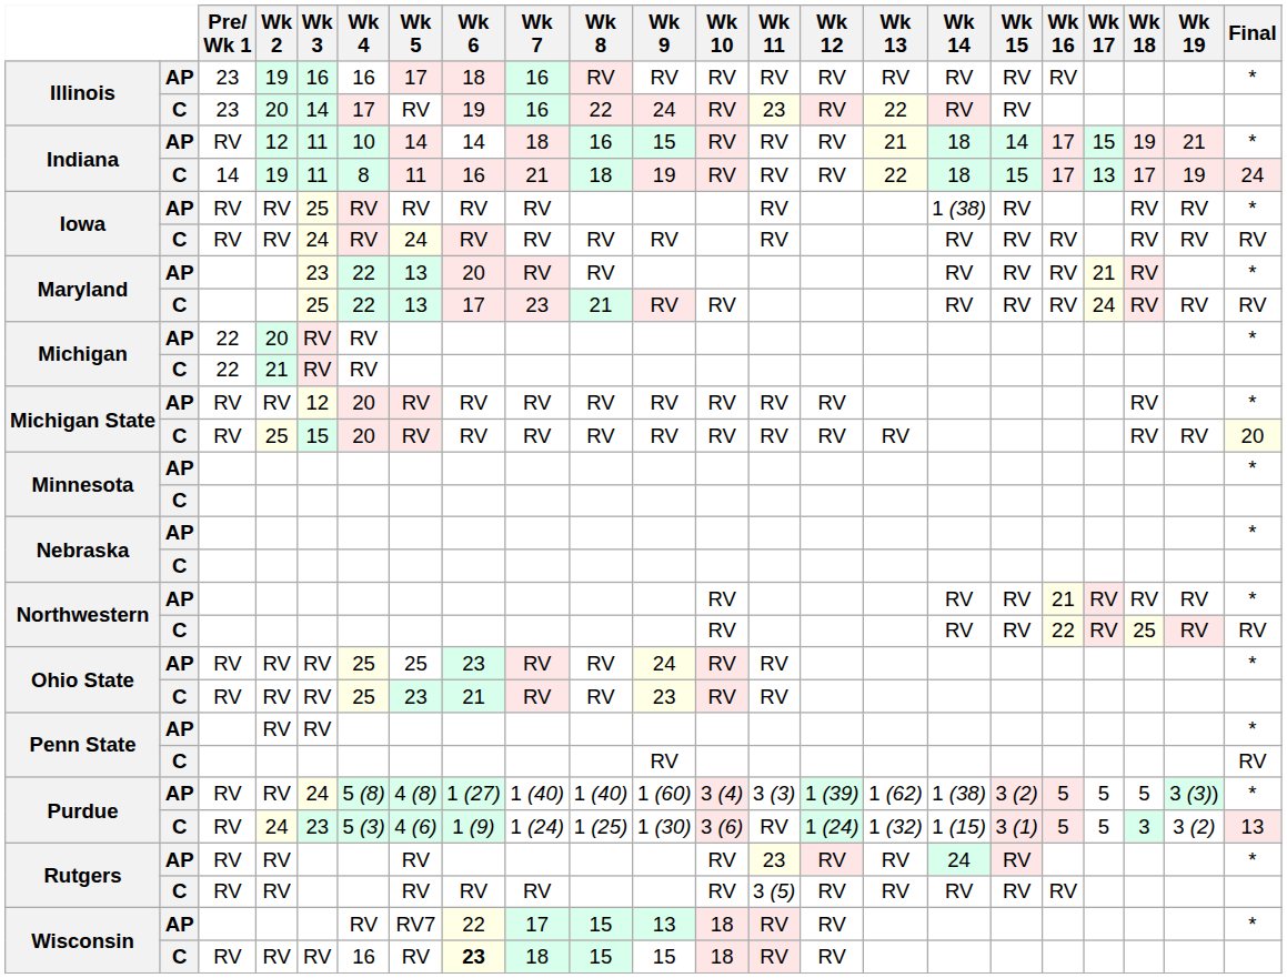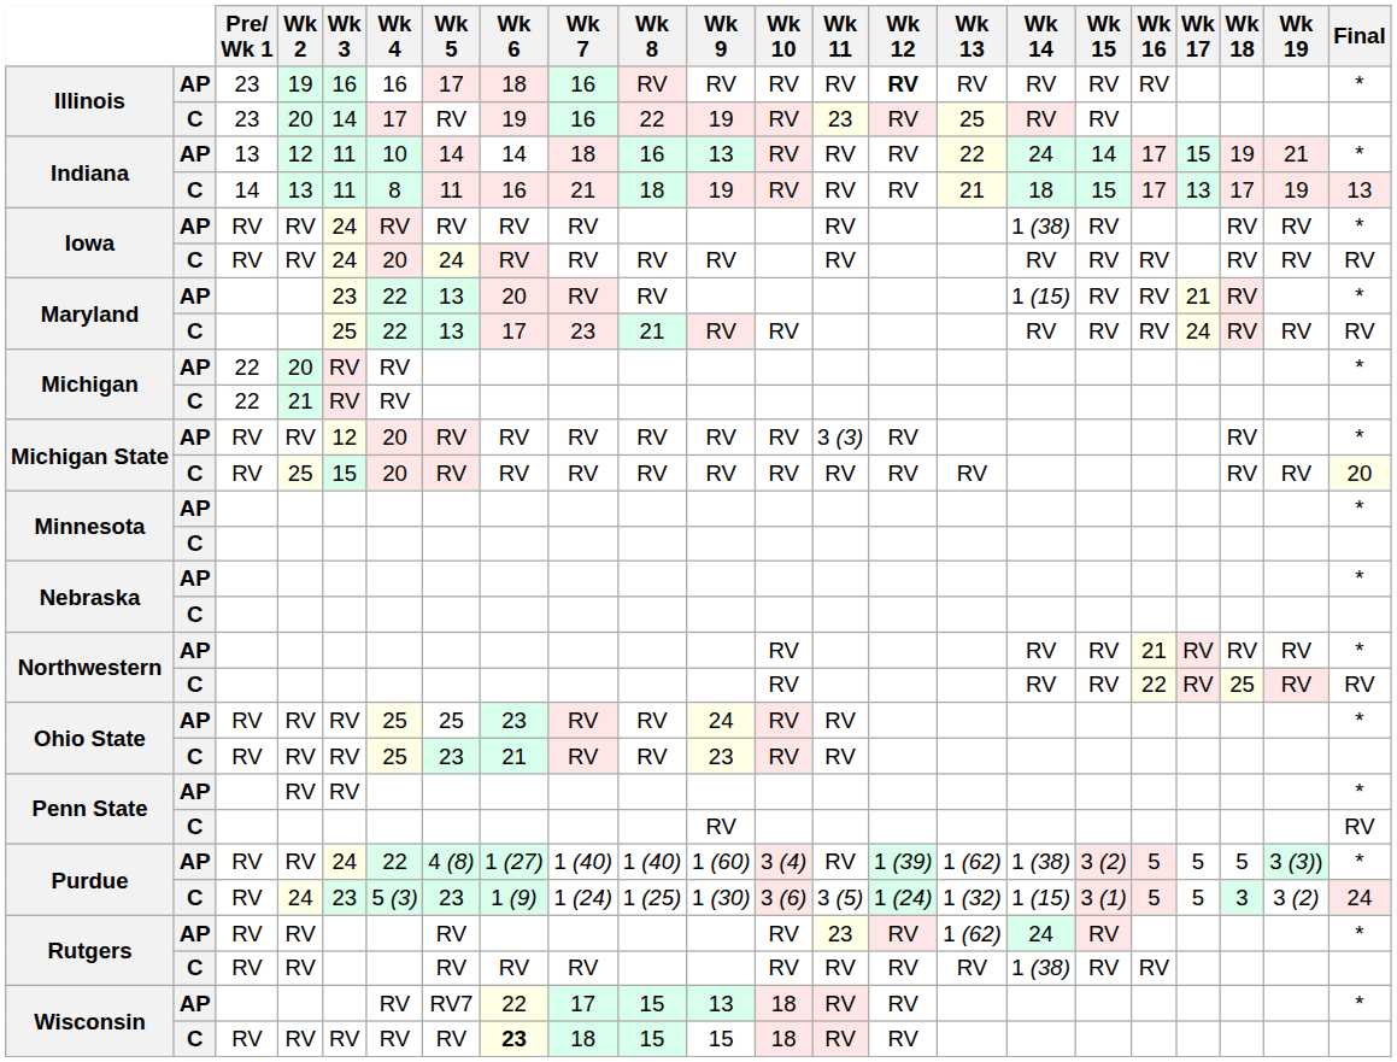 <table class="wikitable" style="white-space:nowrap;font-size:90%;text-align:center;">
 <tr>
 <th colspan=2 style="background:white; border-top-style:hidden; border-left-style:hidden;"> </th>
 <th>Pre/<br>Wk 1</th>
 <th>Wk<br>2</th>
 <th>Wk<br>3</th>
 <th>Wk<br>4</th>
 <th>Wk<br>5</th>
 <th>Wk<br>6</th>
 <th>Wk<br>7</th>
 <th>Wk<br>8</th>
 <th>Wk<br>9</th>
 <th>Wk<br>10</th>
 <th>Wk<br>11</th>
 <th>Wk<br>12</th>
 <th>Wk<br>13</th>
 <th>Wk<br>14</th>
 <th>Wk<br>15</th>
 <th>Wk<br>16</th>
 <th>Wk<br>17</th>
 <th>Wk<br>18</th>
 <th>Wk<br>19</th>
 <th>Final</th>
 </tr>
 <tr>
 <th rowspan=2 style="background:#">Illinois</th>
 <th>AP</th>
 <td style="background:#FFF;">23</td>
 <td style="background:#d8ffeb;">19</td>
 <td style="background:#d8ffeb;">16</td>
 <td style="background:#fff;">16</td>
 <td style="background:#ffe6e6;">17</td>
 <td style="background:#FFE6E6;">18</td>
 <td style="background:#d8ffeb;">16</td>
 <td style="background:#FFe6e6;">RV</td>
 <td style="background:#FFF;">RV</td>
 <td style="background:#FFF;">RV</td>
 <td style="background:#FFF;">RV</td>
-<td style="background:#FFF;">RV</td>
+<td style="background:#FFF;"><strong>RV</strong></td>
 <td style="background:#FFF;">RV</td>
 <td style="background:#FFF;">RV</td>
 <td style="background:#FFF;">RV</td>
 <td style="background:#FFF;">RV</td>
 <td style="background:#FFF;"></td>
 <td style="background:#FFF;"></td>
 <td style="background:#FFF;"></td>
 <td style="background:#FFF;">*</td>
 </tr>
 <tr>
 <th>C</th>
 <td style="background:#FFF;">23</td>
 <td style="background:#d8ffeb;">20</td>
 <td style="background:#d8ffeb;">14</td>
 <td style="background:#ffe6e6;">17</td>
 <td style="background:#FFF;">RV</td>
 <td style="background:#FFE6E6;">19</td>
 <td style="background:#d8ffeb;">16</td>
 <td style="background:#FFe6e6;">22</td>
-<td style="background:#FFE6E6;">24</td>
+<td style="background:#FFE6E6;">19</td>
 <td style="background:#FFE6E6;">RV</td>
 <td style="background:#FFFFE6;">23</td>
 <td style="background:#FFE6E6;">RV</td>
-<td style="background:#FFFFE6;">22</td>
+<td style="background:#FFFFE6;">25</td>
 <td style="background:#FFE6E6;">RV</td>
 <td style="background:#FFF;">RV</td>
 <td style="background:#FFF;"></td>
 <td style="background:#FFF;"></td>
 <td style="background:#FFF;"></td>
 <td style="background:#FFF;"></td>
 <td style="background:#FFF;"></td>
 </tr>
 <tr>
 <th rowspan=2 style=>Indiana</th>
 <th>AP</th>
-<td style="background:#FFF;">RV</td>
+<td style="background:#FFF;">13</td>
 <td style="background:#d8ffeb;">12</td>
 <td style="background:#d8ffeb;">11</td>
 <td style="background:#d8ffeb;">10</td>
 <td style="background:#FFe6e6;">14</td>
 <td style="background:#FFF;">14</td>
 <td style="background:#FFe6e6;">18</td>
 <td style="background:#d8ffeb;">16</td>
-<td style="background:#d8ffeb;">15</td>
+<td style="background:#d8ffeb;">13</td>
 <td style="background:#FFE6E6;">RV</td>
 <td style="background:#FFF;">RV</td>
 <td style="background:#FFF;">RV</td>
-<td style="background:#FFFFE6;">21</td>
-<td style="background:#d8ffeb;">18</td>
+<td style="background:#FFFFE6;">22</td>
+<td style="background:#d8ffeb;">24</td>
 <td style="background:#d8ffeb;">14</td>
 <td style="background:#FFE6E6;">17</td>
 <td style="background:#d8ffeb;">15</td>
 <td style="background:#FFE6E6;">19</td>
 <td style="background:#FFe6e6;">21</td>
 <td style="background:#FFF;">*</td>
 </tr>
 <tr>
 <th>C</th>
 <td style="background:#FFF;">14</td>
-<td style="background:#d8ffeb;">19</td>
+<td style="background:#d8ffeb;">13</td>
 <td style="background:#d8ffeb;">11</td>
 <td style="background:#d8ffeb;">8</td>
 <td style="background:#FFe6e6;">11</td>
 <td style="background:#FFE6E6;">16</td>
 <td style="background:#FFe6e6;">21</td>
 <td style="background:#d8ffeb;">18</td>
 <td style="background:#FFE6E6;">19</td>
 <td style="background:#FFE6E6;">RV</td>
 <td style="background:#FFF;">RV</td>
 <td style="background:#FFF;">RV</td>
-<td style="background:#FFFFE6;">22</td>
+<td style="background:#FFFFE6;">21</td>
 <td style="background:#d8ffeb;">18</td>
 <td style="background:#d8ffeb;">15</td>
 <td style="background:#FFE6E6;">17</td>
 <td style="background:#d8ffeb;">13</td>
 <td style="background:#FFE6E6;">17</td>
 <td style="background:#FFe6e6;">19</td>
-<td style="background:#FFe6e6;">24</td>
+<td style="background:#FFE6E6;">13</td>
 </tr>
 <tr>
 <th rowspan=2 style=>Iowa</th>
 <th>AP</th>
 <td style="background:#FFF;">RV</td>
 <td style="background:#FFF;">RV</td>
-<td style="background:#ffffe6;">25</td>
+<td style="background:#ffffe6;">24</td>
 <td style="background:#ffe6e6;">RV</td>
 <td style="background:#FFF;">RV</td>
 <td style="background:#FFF;">RV</td>
 <td style="background:#FFF;">RV</td>
 <td style="background:#FFF;"></td>
 <td style="background:#FFF;"></td>
 <td style="background:#FFF;"></td>
 <td style="background:#FFF;">RV</td>
 <td style="background:#FFF;"></td>
 <td style="background:#FFF;"></td>
 <td style="background:#FFF;">1 <em>(38)</em></td>
 <td style="background:#FFF;">RV</td>
 <td style="background:#FFF;"></td>
 <td style="background:#FFF;"></td>
 <td style="background:#FFF;">RV</td>
 <td style="background:#FFF;">RV</td>
 <td style="background:#FFF;">*</td>
 </tr>
 <tr>
 <th>C</th>
 <td style="background:#FFF;">RV</td>
 <td style="background:#FFF;">RV</td>
 <td style="background:#FFFfe6;">24</td>
-<td style="background:#ffe6e6;">RV</td>
+<td style="background:#ffe6e6;">20</td>
 <td style="background:#FFFFe6;">24</td>
 <td style="background:#ffe6e6;">RV</td>
 <td style="background:#FFF;">RV</td>
 <td style="background:#FFF;">RV</td>
 <td style="background:#FFF;">RV</td>
 <td style="background:#FFF;"></td>
 <td style="background:#FFF;">RV</td>
 <td style="background:#FFF;"></td>
 <td style="background:#FFF;"></td>
 <td style="background:#FFF;">RV</td>
 <td style="background:#FFF;">RV</td>
 <td style="background:#FFF;">RV</td>
 <td style="background:#FFF;"></td>
 <td style="background:#FFF;">RV</td>
 <td style="background:#FFF;">RV</td>
 <td style="background:#FFF;">RV</td>
 </tr>
 <tr>
 <th rowspan=2 style=>Maryland</th>
 <th>AP</th>
 <td style="background:#FFF;"></td>
 <td style="background:#FFF;"></td>
 <td style="background:#ffffe6;">23</td>
 <td style="background:#d8ffeb;">22</td>
 <td style="background:#d8ffeb;">13</td>
 <td style="background:#FFE6E6;">20</td>
 <td style="background:#FFE6E6;">RV</td>
 <td style="background:#FFF;">RV</td>
 <td style="background:#FFF;"></td>
 <td style="background:#FFF;"></td>
 <td style="background:#FFF;"></td>
 <td style="background:#FFF;"></td>
 <td style="background:#FFF;"></td>
-<td style="background:#FFF;">RV</td>
+<td style="background:#FFF;">1 <em>(15)</em></td>
 <td style="background:#FFF;">RV</td>
 <td style="background:#FFF;">RV</td>
 <td style="background:#FFFFE6;">21</td>
 <td style="background:#FFE6E6;">RV</td>
 <td style="background:#FFF;"></td>
 <td style="background:#FFF;">*</td>
 </tr>
 <tr>
 <th>C</th>
 <td style="background:#FFF;"></td>
 <td style="background:#FFF;"></td>
 <td style="background:#FFFfe6;">25</td>
 <td style="background:#d8ffeb;">22</td>
 <td style="background:#d8ffeb;">13</td>
 <td style="background:#FFE6E6;">17</td>
 <td style="background:#FFE6E6;">23</td>
 <td style="background:#d8ffeb;">21</td>
 <td style="background:#FFE6E6;">RV</td>
 <td style="background:#FFF;">RV</td>
 <td style="background:#FFF;"></td>
 <td style="background:#FFF;"></td>
 <td style="background:#FFF;"></td>
 <td style="background:#FFF;">RV</td>
 <td style="background:#FFF;">RV</td>
 <td style="background:#FFF;">RV</td>
 <td style="background:#FFFFE6;">24</td>
 <td style="background:#FFE6E6;">RV</td>
 <td style="background:#FFF;">RV</td>
 <td style="background:#FFF;">RV</td>
 </tr>
 <tr>
 <th rowspan=2 style=>Michigan</th>
 <th>AP</th>
 <td style="background:#FFF;">22</td>
 <td style="background:#d8ffeb;">20</td>
 <td style="background:#FFe6e6;">RV</td>
 <td style="background:#fff;">RV</td>
 <td style="background:#FFF;"></td>
 <td style="background:#FFF;"></td>
 <td style="background:#FFF;"></td>
 <td style="background:#FFF;"></td>
 <td style="background:#FFF;"></td>
 <td style="background:#FFF;"></td>
 <td style="background:#FFF;"></td>
 <td style="background:#FFF;"></td>
 <td style="background:#FFF;"></td>
 <td style="background:#FFF;"></td>
 <td style="background:#FFF;"></td>
 <td style="background:#FFF;"></td>
 <td style="background:#FFF;"></td>
 <td style="background:#FFF;"></td>
 <td style="background:#FFF;"></td>
 <td style="background:#FFF;">*</td>
 </tr>
 <tr>
 <th>C</th>
 <td style="background:#FFF;">22</td>
 <td style="background:#d8ffeb;">21</td>
 <td style="background:#FFE6E6;">RV</td>
 <td style="background:#fff;">RV</td>
 <td style="background:#FFF;"></td>
 <td style="background:#FFF;"></td>
 <td style="background:#FFF;"></td>
 <td style="background:#FFF;"></td>
 <td style="background:#FFF;"></td>
 <td style="background:#FFF;"></td>
 <td style="background:#FFF;"></td>
 <td style="background:#FFF;"></td>
 <td style="background:#FFF;"></td>
 <td style="background:#FFF;"></td>
 <td style="background:#FFF;"></td>
 <td style="background:#FFF;"></td>
 <td style="background:#FFF;"></td>
 <td style="background:#FFF;"></td>
 <td style="background:#FFF;"></td>
 <td style="background:#FFF;"></td>
 </tr>
 <tr>
 <th rowspan=2 style=>Michigan State</th>
 <th>AP</th>
 <td style="background:#FFF;">RV</td>
 <td style="background:#FFF;">RV</td>
 <td style="background:#ffffe6;">12</td>
 <td style="background:#ffe6e6;">20</td>
 <td style="background:#ffe6e6;">RV</td>
 <td style="background:#FFF;">RV</td>
 <td style="background:#FFF;">RV</td>
 <td style="background:#FFF;">RV</td>
 <td style="background:#FFF;">RV</td>
 <td style="background:#FFF;">RV</td>
-<td style="background:#FFF;">RV</td>
+<td style="background:#FFF;">3 <em>(3)</em></td>
 <td style="background:#FFF;">RV</td>
 <td style="background:#FFF;"></td>
 <td style="background:#FFF;"></td>
 <td style="background:#FFF;"></td>
 <td style="background:#FFF;"></td>
 <td style="background:#FFF;"></td>
 <td style="background:#FFF;">RV</td>
 <td style="background:#FFF;"></td>
 <td style="background:#FFF;">*</td>
 </tr>
 <tr>
 <th>C</th>
 <td style="background:#FFF;">RV</td>
 <td style="background:#ffffe6;">25</td>
 <td style="background:#d8ffeb;">15</td>
 <td style="background:#ffe6e6;">20</td>
 <td style="background:#ffe6e6;">RV</td>
 <td style="background:#FFF;">RV</td>
 <td style="background:#FFF;">RV</td>
 <td style="background:#FFF;">RV</td>
 <td style="background:#FFF;">RV</td>
 <td style="background:#FFF;">RV</td>
 <td style="background:#FFF;">RV</td>
 <td style="background:#FFF;">RV</td>
 <td style="background:#FFF;">RV</td>
 <td style="background:#FFF;"></td>
 <td style="background:#FFF;"></td>
 <td style="background:#FFF;"></td>
 <td style="background:#FFF;"></td>
 <td style="background:#FFF;">RV</td>
 <td style="background:#FFF;">RV</td>
 <td style="background:#FFFFE6;">20</td>
 </tr>
 <tr>
 <th rowspan=2 style=>Minnesota</th>
 <th>AP</th>
 <td style="background:#FFF;"></td>
 <td style="background:#FFF;"></td>
 <td style="background:#FFF;"></td>
 <td style="background:#fff;"></td>
 <td style="background:#FFF;"></td>
 <td style="background:#FFF;"></td>
 <td style="background:#FFF;"></td>
 <td style="background:#FFF;"></td>
 <td style="background:#FFF;"></td>
 <td style="background:#FFF;"></td>
 <td style="background:#FFF;"></td>
 <td style="background:#FFF;"></td>
 <td style="background:#FFF;"></td>
 <td style="background:#FFF;"></td>
 <td style="background:#FFF;"></td>
 <td style="background:#FFF;"></td>
 <td style="background:#FFF;"></td>
 <td style="background:#FFF;"></td>
 <td style="background:#FFF;"></td>
 <td style="background:#FFF;">*</td>
 </tr>
 <tr>
 <th>C</th>
 <td style="background:#FFF;"></td>
 <td style="background:#FFF;"></td>
 <td style="background:#FFF;"></td>
 <td style="background:#fff;"></td>
 <td style="background:#FFF;"></td>
 <td style="background:#FFF;"></td>
 <td style="background:#FFF;"></td>
 <td style="background:#FFF;"></td>
 <td style="background:#FFF;"></td>
 <td style="background:#FFF;"></td>
 <td style="background:#FFF;"></td>
 <td style="background:#FFF;"></td>
 <td style="background:#FFF;"></td>
 <td style="background:#FFF;"></td>
 <td style="background:#FFF;"></td>
 <td style="background:#FFF;"></td>
 <td style="background:#FFF;"></td>
 <td style="background:#FFF;"></td>
 <td style="background:#FFF;"></td>
 <td style="background:#FFF;"></td>
 </tr>
 <tr>
 <th rowspan=2 style=>Nebraska</th>
 <th>AP</th>
 <td style="background:#FFF;"></td>
 <td style="background:#FFF;"></td>
 <td style="background:#FFF;"></td>
 <td style="background:#FFF;"></td>
 <td style="background:#FFF;"></td>
 <td style="background:#FFF;"></td>
 <td style="background:#FFF;"></td>
 <td style="background:#FFF;"></td>
 <td style="background:#FFF;"></td>
 <td style="background:#FFF;"></td>
 <td style="background:#FFF;"></td>
 <td style="background:#FFF;"></td>
 <td style="background:#FFF;"></td>
 <td style="background:#FFF;"></td>
 <td style="background:#FFF;"></td>
 <td style="background:#FFF;"></td>
 <td style="background:#FFF;"></td>
 <td style="background:#FFF;"></td>
 <td style="background:#FFF;"></td>
 <td style="background:#FFF;">*</td>
 </tr>
 <tr>
 <th>C</th>
 <td style="background:#FFF;"></td>
 <td style="background:#FFF;"></td>
 <td style="background:#FFF;"></td>
 <td style="background:#FFF;"></td>
 <td style="background:#FFF;"></td>
 <td style="background:#FFF;"></td>
 <td style="background:#FFF;"></td>
 <td style="background:#FFF;"></td>
 <td style="background:#FFF;"></td>
 <td style="background:#FFF;"></td>
 <td style="background:#FFF;"></td>
 <td style="background:#FFF;"></td>
 <td style="background:#FFF;"></td>
 <td style="background:#FFF;"></td>
 <td style="background:#FFF;"></td>
 <td style="background:#FFF;"></td>
 <td style="background:#FFF;"></td>
 <td style="background:#FFF;"></td>
 <td style="background:#FFF;"></td>
 <td style="background:#FFF;"></td>
 </tr>
 <tr>
 <th rowspan=2 style=>Northwestern</th>
 <th>AP</th>
 <td style="background:#FFF;"></td>
 <td style="background:#FFF;"></td>
 <td style="background:#FFF;"></td>
 <td style="background:#FFF;"></td>
 <td style="background:#FFF;"></td>
 <td style="background:#FFF;"></td>
 <td style="background:#FFF;"></td>
 <td style="background:#FFF;"></td>
 <td style="background:#FFF;"></td>
 <td style="background:#FFF;">RV</td>
 <td style="background:#FFF;"></td>
 <td style="background:#FFF;"></td>
 <td style="background:#FFF;"></td>
 <td style="background:#FFF;">RV</td>
 <td style="background:#FFF;">RV</td>
 <td style="background:#ffffe6;">21</td>
 <td style="background:#ffe6e6;">RV</td>
 <td style="background:#FFF;">RV</td>
 <td style="background:#FFF;">RV</td>
 <td style="background:#FFF;">*</td>
 </tr>
 <tr>
 <th>C</th>
 <td style="background:#FFF;"></td>
 <td style="background:#FFF;"></td>
 <td style="background:#FFF;"></td>
 <td style="background:#FFF;"></td>
 <td style="background:#FFF;"></td>
 <td style="background:#FFF;"></td>
 <td style="background:#FFF;"></td>
 <td style="background:#FFF;"></td>
 <td style="background:#FFF;"></td>
 <td style="background:#FFF;">RV</td>
 <td style="background:#FFF;"></td>
 <td style="background:#FFF;"></td>
 <td style="background:#FFF;"></td>
 <td style="background:#FFF;">RV</td>
 <td style="background:#FFF;">RV</td>
 <td style="background:#ffffe6;">22</td>
 <td style="background:#ffe6e6;">RV</td>
 <td style="background:#ffffe6;">25</td>
 <td style="background:#FFE6E6;">RV</td>
 <td style="background:#FFF;">RV</td>
 </tr>
 <tr>
 <th rowspan=2 style=>Ohio State</th>
 <th>AP</th>
 <td style="background:#FFF;">RV</td>
 <td style="background:#FFF;">RV</td>
 <td style="background:#fff;">RV</td>
 <td style="background:#ffffe6;">25</td>
 <td style="background:#FFF;">25</td>
 <td style="background:#d8ffeb;">23</td>
 <td style="background:#FFE6E6;">RV</td>
 <td style="background:#FFF;">RV</td>
 <td style="background:#ffffe6;">24</td>
 <td style="background:#FFE6E6;">RV</td>
 <td style="background:#FFF;">RV</td>
 <td style="background:#FFF;"></td>
 <td style="background:#FFF;"></td>
 <td style="background:#FFF;"></td>
 <td style="background:#FFF;"></td>
 <td style="background:#FFF;"></td>
 <td style="background:#FFF;"></td>
 <td style="background:#FFF;"></td>
 <td style="background:#FFF;"></td>
 <td style="background:#FFF;">*</td>
 </tr>
 <tr>
 <th>C</th>
 <td style="background:#FFF;">RV</td>
 <td style="background:#FFF;">RV</td>
 <td style="background:#FFF;">RV</td>
 <td style="background:#ffffe6;">25</td>
 <td style="background:#d8ffeb;">23</td>
 <td style="background:#d8ffeb;">21</td>
 <td style="background:#FFE6E6;">RV</td>
 <td style="background:#FFF;">RV</td>
 <td style="background:#ffffe6;">23</td>
 <td style="background:#FFE6E6;">RV</td>
 <td style="background:#FFF;">RV</td>
 <td style="background:#FFF;"></td>
 <td style="background:#FFF;"></td>
 <td style="background:#FFF;"></td>
 <td style="background:#FFF;"></td>
 <td style="background:#FFF;"></td>
 <td style="background:#FFF;"></td>
 <td style="background:#FFF;"></td>
 <td style="background:#FFF;"></td>
 <td style="background:#FFF;"></td>
 </tr>
 <tr>
 <th rowspan=2 style=>Penn State</th>
 <th>AP</th>
 <td style="background:#FFF;"></td>
 <td style="background:#FFF;">RV</td>
 <td style="background:#FFF;">RV</td>
 <td style="background:#FFF;"></td>
 <td style="background:#FFF;"></td>
 <td style="background:#FFF;"></td>
 <td style="background:#FFF;"></td>
 <td style="background:#FFF;"></td>
 <td style="background:#FFF;"></td>
 <td style="background:#FFF;"></td>
 <td style="background:#FFF;"></td>
 <td style="background:#FFF;"></td>
 <td style="background:#FFF;"></td>
 <td style="background:#FFF;"></td>
 <td style="background:#FFF;"></td>
 <td style="background:#FFF;"></td>
 <td style="background:#FFF;"></td>
 <td style="background:#FFF;"></td>
 <td style="background:#FFF;"></td>
 <td style="background:#FFF;">*</td>
 </tr>
 <tr>
 <th>C</th>
 <td style="background:#FFF;"></td>
 <td style="background:#FFF;"></td>
 <td style="background:#FFF;"></td>
 <td style="background:#fff;"></td>
 <td style="background:#FFF;"></td>
 <td style="background:#FFF;"></td>
 <td style="background:#FFF;"></td>
 <td style="background:#FFF;"></td>
 <td style="background:#FFF;">RV</td>
 <td style="background:#FFF;"></td>
 <td style="background:#FFF;"></td>
 <td style="background:#FFF;"></td>
 <td style="background:#FFF;"></td>
 <td style="background:#FFF;"></td>
 <td style="background:#FFF;"></td>
 <td style="background:#FFF;"></td>
 <td style="background:#FFF;"></td>
 <td style="background:#FFF;"></td>
 <td style="background:#FFF;"></td>
 <td style="background:#FFF;">RV</td>
 </tr>
 <tr>
 <th rowspan=2 style=>Purdue</th>
 <th>AP</th>
 <td style="background:#FFF;">RV</td>
 <td style="background:#FFF;">RV</td>
 <td style="background:#ffffe6;">24</td>
-<td style="background:#d8ffeb;">5 <em>(8)</em></td>
+<td style="background:#d8ffeb;">22</td>
 <td style="background:#d8ffeb;">4 <em>(8)</em></td>
 <td style="background:#d8ffeb;">1 <em>(27)</em></td>
 <td style="background:#FFF;">1 <em>(40)</em></td>
 <td style="background:#FFF;">1 <em>(40)</em></td>
 <td style="background:#FFF;">1 <em>(60)</em></td>
 <td style="background:#FFE6E6;">3 <em>(4)</em></td>
-<td style="background:#FFF;">3 <em>(3)</em></td>
+<td style="background:#FFF;">RV</td>
 <td style="background:#d8ffeb;">1 <em>(39)</em></td>
 <td style="background:#FFF;">1 <em>(62)</em></td>
 <td style="background:#FFF;">1 <em>(38)</em></td>
 <td style="background:#FFE6E6;">3 <em>(2)</em></td>
 <td style="background:#FFE6E6;">5</td>
 <td style="background:#FFF;">5</td>
 <td style="background:#FFF;">5</td>
 <td style="background:#d8ffeb;">3 <em>(3)</em>)</td>
 <td style="background:#FFF;">*</td>
 </tr>
 <tr>
 <th>C</th>
 <td style="background:#FFF;">RV</td>
 <td style="background:#ffffe6;">24</td>
 <td style="background:#d8ffeb;">23</td>
 <td style="background:#d8ffeb;">5 <em>(3)</em></td>
-<td style="background:#d8ffeb;">4 <em>(6)</em></td>
+<td style="background:#d8ffeb;">23</td>
 <td style="background:#d8ffeb;">1 <em>(9)</em></td>
 <td style="background:#FFF;">1 <em>(24)</em></td>
 <td style="background:#FFF;">1 <em>(25)</em></td>
 <td style="background:#FFF;">1 <em>(30)</em></td>
 <td style="background:#FFE6E6;">3 <em>(6)</em></td>
-<td style="background:#FFF;">RV</td>
+<td style="background:#FFF;">3 <em>(5)</em></td>
 <td style="background:#d8ffeb;">1 <em>(24)</em></td>
 <td style="background:#FFF;">1 <em>(32)</em></td>
 <td style="background:#FFF;">1 <em>(15)</em></td>
 <td style="background:#FFE6E6;">3 <em>(1)</em></td>
 <td style="background:#FFE6E6;">5</td>
 <td style="background:#FFF;">5</td>
 <td style="background:#d8ffeb;">3</td>
 <td style="background:#FFF;">3 <em>(2)</em></td>
-<td style="background:#FFE6E6;">13</td>
+<td style="background:#FFe6e6;">24</td>
 </tr>
 <tr>
 <th rowspan=2 style=>Rutgers</th>
 <th>AP</th>
 <td style="background:#FFF;">RV</td>
 <td style="background:#FFF;">RV</td>
 <td style="background:#FFF;"></td>
 <td style="background:#fff;"></td>
 <td style="background:#FFF;">RV</td>
 <td style="background:#FFF;"></td>
 <td style="background:#FFF;"></td>
 <td style="background:#FFF;"></td>
 <td style="background:#FFF;"></td>
 <td style="background:#FFF;">RV</td>
 <td style="background:#ffffe6;">23</td>
 <td style="background:#FFE6E6;">RV</td>
-<td style="background:#FFF;">RV</td>
+<td style="background:#FFF;">1 <em>(62)</em></td>
 <td style="background:#d8ffeb;">24</td>
 <td style="background:#FFE6E6;">RV</td>
 <td style="background:#FFF;"></td>
 <td style="background:#FFF;"></td>
 <td style="background:#FFF;"></td>
 <td style="background:#FFF;"></td>
 <td style="background:#FFF;">*</td>
 </tr>
 <tr>
 <th>C</th>
 <td style="background:#FFF;">RV</td>
 <td style="background:#FFF;">RV</td>
 <td style="background:#FFF;"></td>
 <td style="background:#fff;"></td>
 <td style="background:#FFF;">RV</td>
 <td style="background:#FFF;">RV</td>
 <td style="background:#FFF;">RV</td>
 <td style="background:#FFF;"></td>
 <td style="background:#FFF;"></td>
 <td style="background:#FFF;">RV</td>
-<td style="background:#FFF;">3 <em>(5)</em></td>
 <td style="background:#FFF;">RV</td>
 <td style="background:#FFF;">RV</td>
 <td style="background:#FFF;">RV</td>
+<td style="background:#FFF;">1 <em>(38)</em></td>
 <td style="background:#FFF;">RV</td>
 <td style="background:#FFF;">RV</td>
 <td style="background:#FFF;"></td>
 <td style="background:#FFF;"></td>
 <td style="background:#FFF;"></td>
 <td style="background:#FFF;"></td>
 </tr>
 <tr>
 <th rowspan=2 style=>Wisconsin</th>
 <th>AP</th>
 <td style="background:#FFF;"></td>
 <td style="background:#FFF;"></td>
 <td style="background:#FFF;"></td>
 <td style="background:#fff;">RV</td>
 <td style="background:#FFF;">RV7</td>
 <td style="background:#ffffe6;">22</td>
 <td style="background:#d8ffeb;">17</td>
 <td style="background:#d8ffeb;">15</td>
 <td style="background:#d8ffeb;">13</td>
 <td style="background:#FFE6E6;">18</td>
 <td style="background:#FFE6E6;">RV</td>
 <td style="background:#FFF;">RV</td>
 <td style="background:#FFF;"></td>
 <td style="background:#FFF;"></td>
 <td style="background:#FFF;"></td>
 <td style="background:#FFF;"></td>
 <td style="background:#FFF;"></td>
 <td style="background:#FFF;"></td>
 <td style="background:#FFF;"></td>
 <td style="background:#FFF;">*</td>
 </tr>
 <tr>
 <th>C</th>
 <td style="background:#FFF;">RV</td>
 <td style="background:#FFF;">RV</td>
 <td style="background:#FFF;">RV</td>
-<td style="background:#fff;">16</td>
+<td style="background:#fff;">RV</td>
 <td style="background:#FFF;">RV</td>
 <td style="background:#ffffe6;"><strong>23</strong></td>
 <td style="background:#d8ffeb;">18</td>
 <td style="background:#d8ffeb;">15</td>
 <td style="background:#FFF;">15</td>
 <td style="background:#FFE6E6;">18</td>
 <td style="background:#FFE6E6;">RV</td>
 <td style="background:#FFF;">RV</td>
 <td style="background:#FFF;"></td>
 <td style="background:#FFF;"></td>
 <td style="background:#FFF;"></td>
 <td style="background:#FFF;"></td>
 <td style="background:#FFF;"></td>
 <td style="background:#FFF;"></td>
 <td style="background:#FFF;"></td>
 <td style="background:#FFF;"></td>
 </tr>
 </table>
